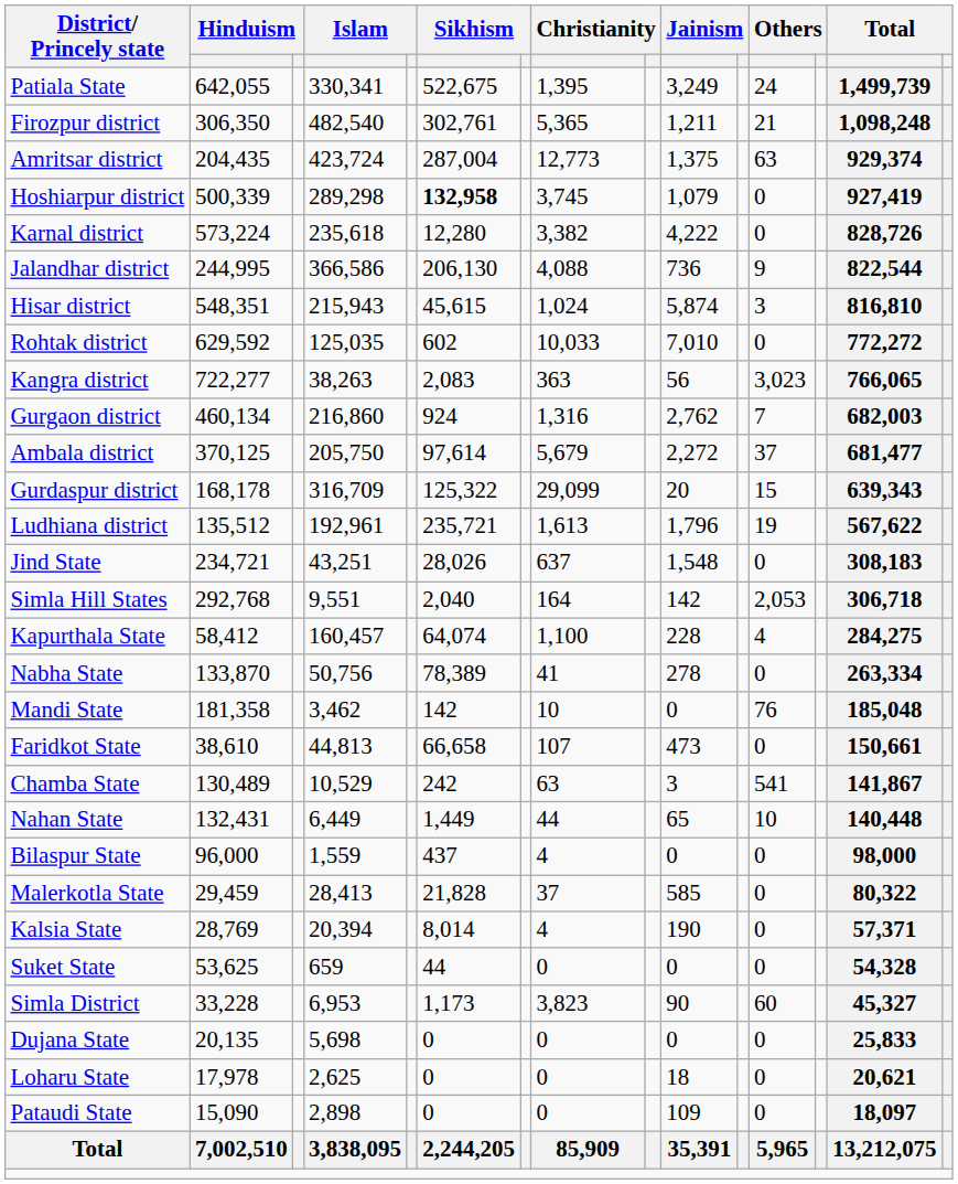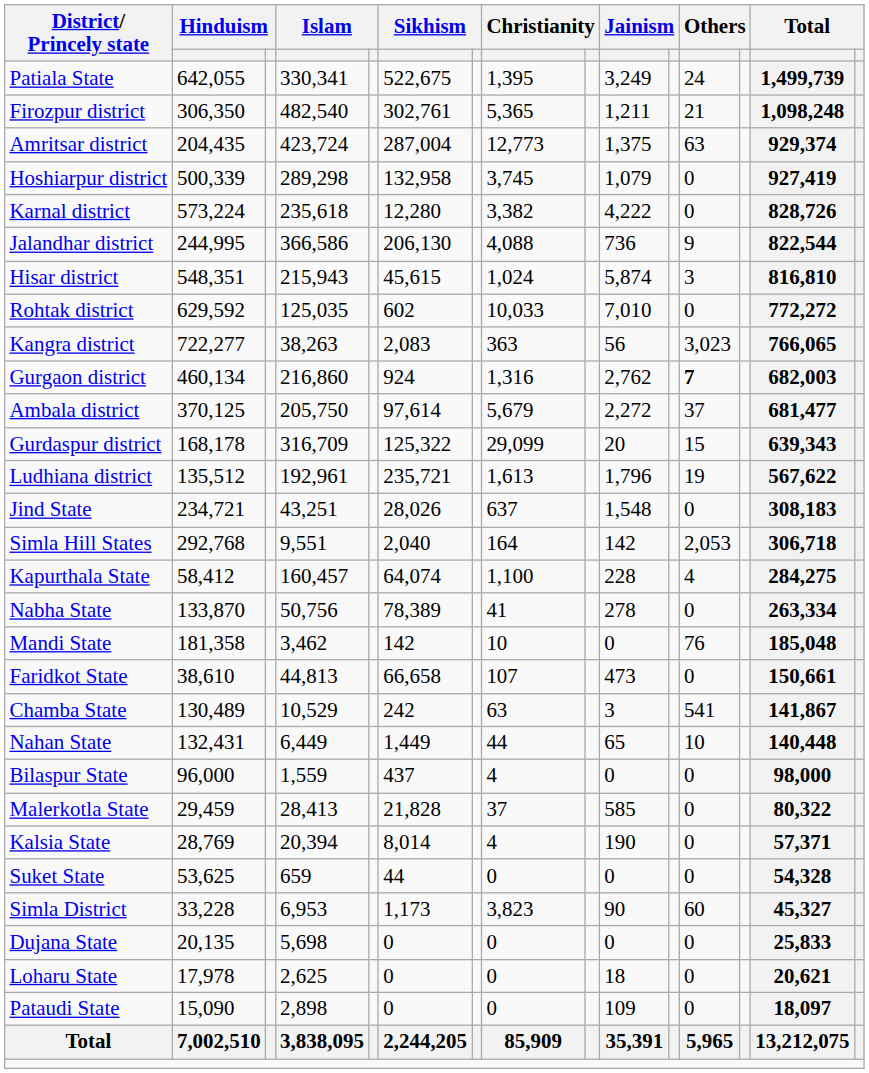 <table class="wikitable sortable">
 <tr>
 <th rowspan="2"><a href='#'>District</a>/<br><a href='#'>Princely state</a></th>
 <th colspan="2"><a href='#'>Hinduism</a> </th>
 <th colspan="2"><a href='#'>Islam</a> </th>
 <th colspan="2"><a href='#'>Sikhism</a> </th>
 <th colspan="2">Christianity </th>
 <th colspan="2"><a href='#'>Jainism</a> </th>
 <th colspan="2">Others</th>
 <th colspan="2">Total</th>
 </tr>
 <tr>
 <th><a href='#'></a></th>
 <th></th>
 <th></th>
 <th></th>
 <th></th>
 <th></th>
 <th></th>
 <th></th>
 <th></th>
 <th></th>
 <th></th>
 <th></th>
 <th></th>
 <th></th>
 </tr>
 <tr>
 <td><a href='#'>Patiala State</a></td>
 <td>642,055</td>
 <td></td>
 <td>330,341</td>
 <td></td>
 <td>522,675</td>
 <td></td>
 <td>1,395</td>
 <td></td>
 <td>3,249</td>
 <td></td>
 <td>24</td>
 <td></td>
 <th>1,499,739</th>
 <th></th>
 </tr>
 <tr>
 <td><a href='#'>Firozpur district</a></td>
 <td>306,350</td>
 <td></td>
 <td>482,540</td>
 <td></td>
 <td>302,761</td>
 <td></td>
 <td>5,365</td>
 <td></td>
 <td>1,211</td>
 <td></td>
 <td>21</td>
 <td></td>
 <th>1,098,248</th>
 <th></th>
 </tr>
 <tr>
 <td><a href='#'>Amritsar district</a></td>
 <td>204,435</td>
 <td></td>
 <td>423,724</td>
 <td></td>
 <td>287,004</td>
 <td></td>
 <td>12,773</td>
 <td></td>
 <td>1,375</td>
 <td></td>
 <td>63</td>
 <td></td>
 <th>929,374</th>
 <th></th>
 </tr>
 <tr>
 <td><a href='#'>Hoshiarpur district</a></td>
 <td>500,339</td>
 <td></td>
 <td>289,298</td>
 <td></td>
-<td><strong>132,958</strong></td>
+<td>132,958</td>
 <td></td>
 <td>3,745</td>
 <td></td>
 <td>1,079</td>
 <td></td>
 <td>0</td>
 <td></td>
 <th>927,419</th>
 <th></th>
 </tr>
 <tr>
 <td><a href='#'>Karnal district</a></td>
 <td>573,224</td>
 <td></td>
 <td>235,618</td>
 <td></td>
 <td>12,280</td>
 <td></td>
 <td>3,382</td>
 <td></td>
 <td>4,222</td>
 <td></td>
 <td>0</td>
 <td></td>
 <th>828,726</th>
 <th></th>
 </tr>
 <tr>
 <td><a href='#'>Jalandhar district</a></td>
 <td>244,995</td>
 <td></td>
 <td>366,586</td>
 <td></td>
 <td>206,130</td>
 <td></td>
 <td>4,088</td>
 <td></td>
 <td>736</td>
 <td></td>
 <td>9</td>
 <td></td>
 <th>822,544</th>
 <th></th>
 </tr>
 <tr>
 <td><a href='#'>Hisar district</a></td>
 <td>548,351</td>
 <td></td>
 <td>215,943</td>
 <td></td>
 <td>45,615</td>
 <td></td>
 <td>1,024</td>
 <td></td>
 <td>5,874</td>
 <td></td>
 <td>3</td>
 <td></td>
 <th>816,810</th>
 <th></th>
 </tr>
 <tr>
 <td><a href='#'>Rohtak district</a></td>
 <td>629,592</td>
 <td></td>
 <td>125,035</td>
 <td></td>
 <td>602</td>
 <td></td>
 <td>10,033</td>
 <td></td>
 <td>7,010</td>
 <td></td>
 <td>0</td>
 <td></td>
 <th>772,272</th>
 <th></th>
 </tr>
 <tr>
 <td><a href='#'>Kangra district</a></td>
 <td>722,277</td>
 <td></td>
 <td>38,263</td>
 <td></td>
 <td>2,083</td>
 <td></td>
 <td>363</td>
 <td></td>
 <td>56</td>
 <td></td>
 <td>3,023</td>
 <td></td>
 <th>766,065</th>
 <th></th>
 </tr>
 <tr>
 <td><a href='#'>Gurgaon district</a></td>
 <td>460,134</td>
 <td></td>
 <td>216,860</td>
 <td></td>
 <td>924</td>
 <td></td>
 <td>1,316</td>
 <td></td>
 <td>2,762</td>
 <td></td>
-<td>7</td>
+<td><strong>7</strong></td>
 <td></td>
 <th>682,003</th>
 <th></th>
 </tr>
 <tr>
 <td><a href='#'>Ambala district</a></td>
 <td>370,125</td>
 <td></td>
 <td>205,750</td>
 <td></td>
 <td>97,614</td>
 <td></td>
 <td>5,679</td>
 <td></td>
 <td>2,272</td>
 <td></td>
 <td>37</td>
 <td></td>
 <th>681,477</th>
 <th></th>
 </tr>
 <tr>
 <td><a href='#'>Gurdaspur district</a></td>
 <td>168,178</td>
 <td></td>
 <td>316,709</td>
 <td></td>
 <td>125,322</td>
 <td></td>
 <td>29,099</td>
 <td></td>
 <td>20</td>
 <td></td>
 <td>15</td>
 <td></td>
 <th>639,343</th>
 <th></th>
 </tr>
 <tr>
 <td><a href='#'>Ludhiana district</a></td>
 <td>135,512</td>
 <td></td>
 <td>192,961</td>
 <td></td>
 <td>235,721</td>
 <td></td>
 <td>1,613</td>
 <td></td>
 <td>1,796</td>
 <td></td>
 <td>19</td>
 <td></td>
 <th>567,622</th>
 <th></th>
 </tr>
 <tr>
 <td><a href='#'>Jind State</a></td>
 <td>234,721</td>
 <td></td>
 <td>43,251</td>
 <td></td>
 <td>28,026</td>
 <td></td>
 <td>637</td>
 <td></td>
 <td>1,548</td>
 <td></td>
 <td>0</td>
 <td></td>
 <th>308,183</th>
 <th></th>
 </tr>
 <tr>
 <td><a href='#'>Simla Hill States</a></td>
 <td>292,768</td>
 <td></td>
 <td>9,551</td>
 <td></td>
 <td>2,040</td>
 <td></td>
 <td>164</td>
 <td></td>
 <td>142</td>
 <td></td>
 <td>2,053</td>
 <td></td>
 <th>306,718</th>
 <th></th>
 </tr>
 <tr>
 <td><a href='#'>Kapurthala State</a></td>
 <td>58,412</td>
 <td></td>
 <td>160,457</td>
 <td></td>
 <td>64,074</td>
 <td></td>
 <td>1,100</td>
 <td></td>
 <td>228</td>
 <td></td>
 <td>4</td>
 <td></td>
 <th>284,275</th>
 <th></th>
 </tr>
 <tr>
 <td><a href='#'>Nabha State</a></td>
 <td>133,870</td>
 <td></td>
 <td>50,756</td>
 <td></td>
 <td>78,389</td>
 <td></td>
 <td>41</td>
 <td></td>
 <td>278</td>
 <td></td>
 <td>0</td>
 <td></td>
 <th>263,334</th>
 <th></th>
 </tr>
 <tr>
 <td><a href='#'>Mandi State</a></td>
 <td>181,358</td>
 <td></td>
 <td>3,462</td>
 <td></td>
 <td>142</td>
 <td></td>
 <td>10</td>
 <td></td>
 <td>0</td>
 <td></td>
 <td>76</td>
 <td></td>
 <th>185,048</th>
 <th></th>
 </tr>
 <tr>
 <td><a href='#'>Faridkot State</a></td>
 <td>38,610</td>
 <td></td>
 <td>44,813</td>
 <td></td>
 <td>66,658</td>
 <td></td>
 <td>107</td>
 <td></td>
 <td>473</td>
 <td></td>
 <td>0</td>
 <td></td>
 <th>150,661</th>
 <th></th>
 </tr>
 <tr>
 <td><a href='#'>Chamba State</a></td>
 <td>130,489</td>
 <td></td>
 <td>10,529</td>
 <td></td>
 <td>242</td>
 <td></td>
 <td>63</td>
 <td></td>
 <td>3</td>
 <td></td>
 <td>541</td>
 <td></td>
 <th>141,867</th>
 <th></th>
 </tr>
 <tr>
 <td><a href='#'>Nahan State</a></td>
 <td>132,431</td>
 <td></td>
 <td>6,449</td>
 <td></td>
 <td>1,449</td>
 <td></td>
 <td>44</td>
 <td></td>
 <td>65</td>
 <td></td>
 <td>10</td>
 <td></td>
 <th>140,448</th>
 <th></th>
 </tr>
 <tr>
 <td><a href='#'>Bilaspur State</a></td>
 <td>96,000</td>
 <td></td>
 <td>1,559</td>
 <td></td>
 <td>437</td>
 <td></td>
 <td>4</td>
 <td></td>
 <td>0</td>
 <td></td>
 <td>0</td>
 <td></td>
 <th>98,000</th>
 <th></th>
 </tr>
 <tr>
 <td><a href='#'>Malerkotla State</a></td>
 <td>29,459</td>
 <td></td>
 <td>28,413</td>
 <td></td>
 <td>21,828</td>
 <td></td>
 <td>37</td>
 <td></td>
 <td>585</td>
 <td></td>
 <td>0</td>
 <td></td>
 <th>80,322</th>
 <th></th>
 </tr>
 <tr>
 <td><a href='#'>Kalsia State</a></td>
 <td>28,769</td>
 <td></td>
 <td>20,394</td>
 <td></td>
 <td>8,014</td>
 <td></td>
 <td>4</td>
 <td></td>
 <td>190</td>
 <td></td>
 <td>0</td>
 <td></td>
 <th>57,371</th>
 <th></th>
 </tr>
 <tr>
 <td><a href='#'>Suket State</a></td>
 <td>53,625</td>
 <td></td>
 <td>659</td>
 <td></td>
 <td>44</td>
 <td></td>
 <td>0</td>
 <td></td>
 <td>0</td>
 <td></td>
 <td>0</td>
 <td></td>
 <th>54,328</th>
 <th></th>
 </tr>
 <tr>
 <td><a href='#'>Simla District</a></td>
 <td>33,228</td>
 <td></td>
 <td>6,953</td>
 <td></td>
 <td>1,173</td>
 <td></td>
 <td>3,823</td>
 <td></td>
 <td>90</td>
 <td></td>
 <td>60</td>
 <td></td>
 <th>45,327</th>
 <th></th>
 </tr>
 <tr>
 <td><a href='#'>Dujana State</a></td>
 <td>20,135</td>
 <td></td>
 <td>5,698</td>
 <td></td>
 <td>0</td>
 <td></td>
 <td>0</td>
 <td></td>
 <td>0</td>
 <td></td>
 <td>0</td>
 <td></td>
 <th>25,833</th>
 <th></th>
 </tr>
 <tr>
 <td><a href='#'>Loharu State</a></td>
 <td>17,978</td>
 <td></td>
 <td>2,625</td>
 <td></td>
 <td>0</td>
 <td></td>
 <td>0</td>
 <td></td>
 <td>18</td>
 <td></td>
 <td>0</td>
 <td></td>
 <th>20,621</th>
 <th></th>
 </tr>
 <tr>
 <td><a href='#'>Pataudi State</a></td>
 <td>15,090</td>
 <td></td>
 <td>2,898</td>
 <td></td>
 <td>0</td>
 <td></td>
 <td>0</td>
 <td></td>
 <td>109</td>
 <td></td>
 <td>0</td>
 <td></td>
 <th>18,097</th>
 <th></th>
 </tr>
 <tr>
 <th>Total</th>
 <th>7,002,510</th>
 <th></th>
 <th>3,838,095</th>
 <th></th>
 <th>2,244,205</th>
 <th></th>
 <th>85,909</th>
 <th></th>
 <th>35,391</th>
 <th></th>
 <th>5,965</th>
 <th></th>
 <th>13,212,075</th>
 <th></th>
 </tr>
 <tr class="sortbottom">
 <td colspan="15"></td>
 </tr>
 </table>
